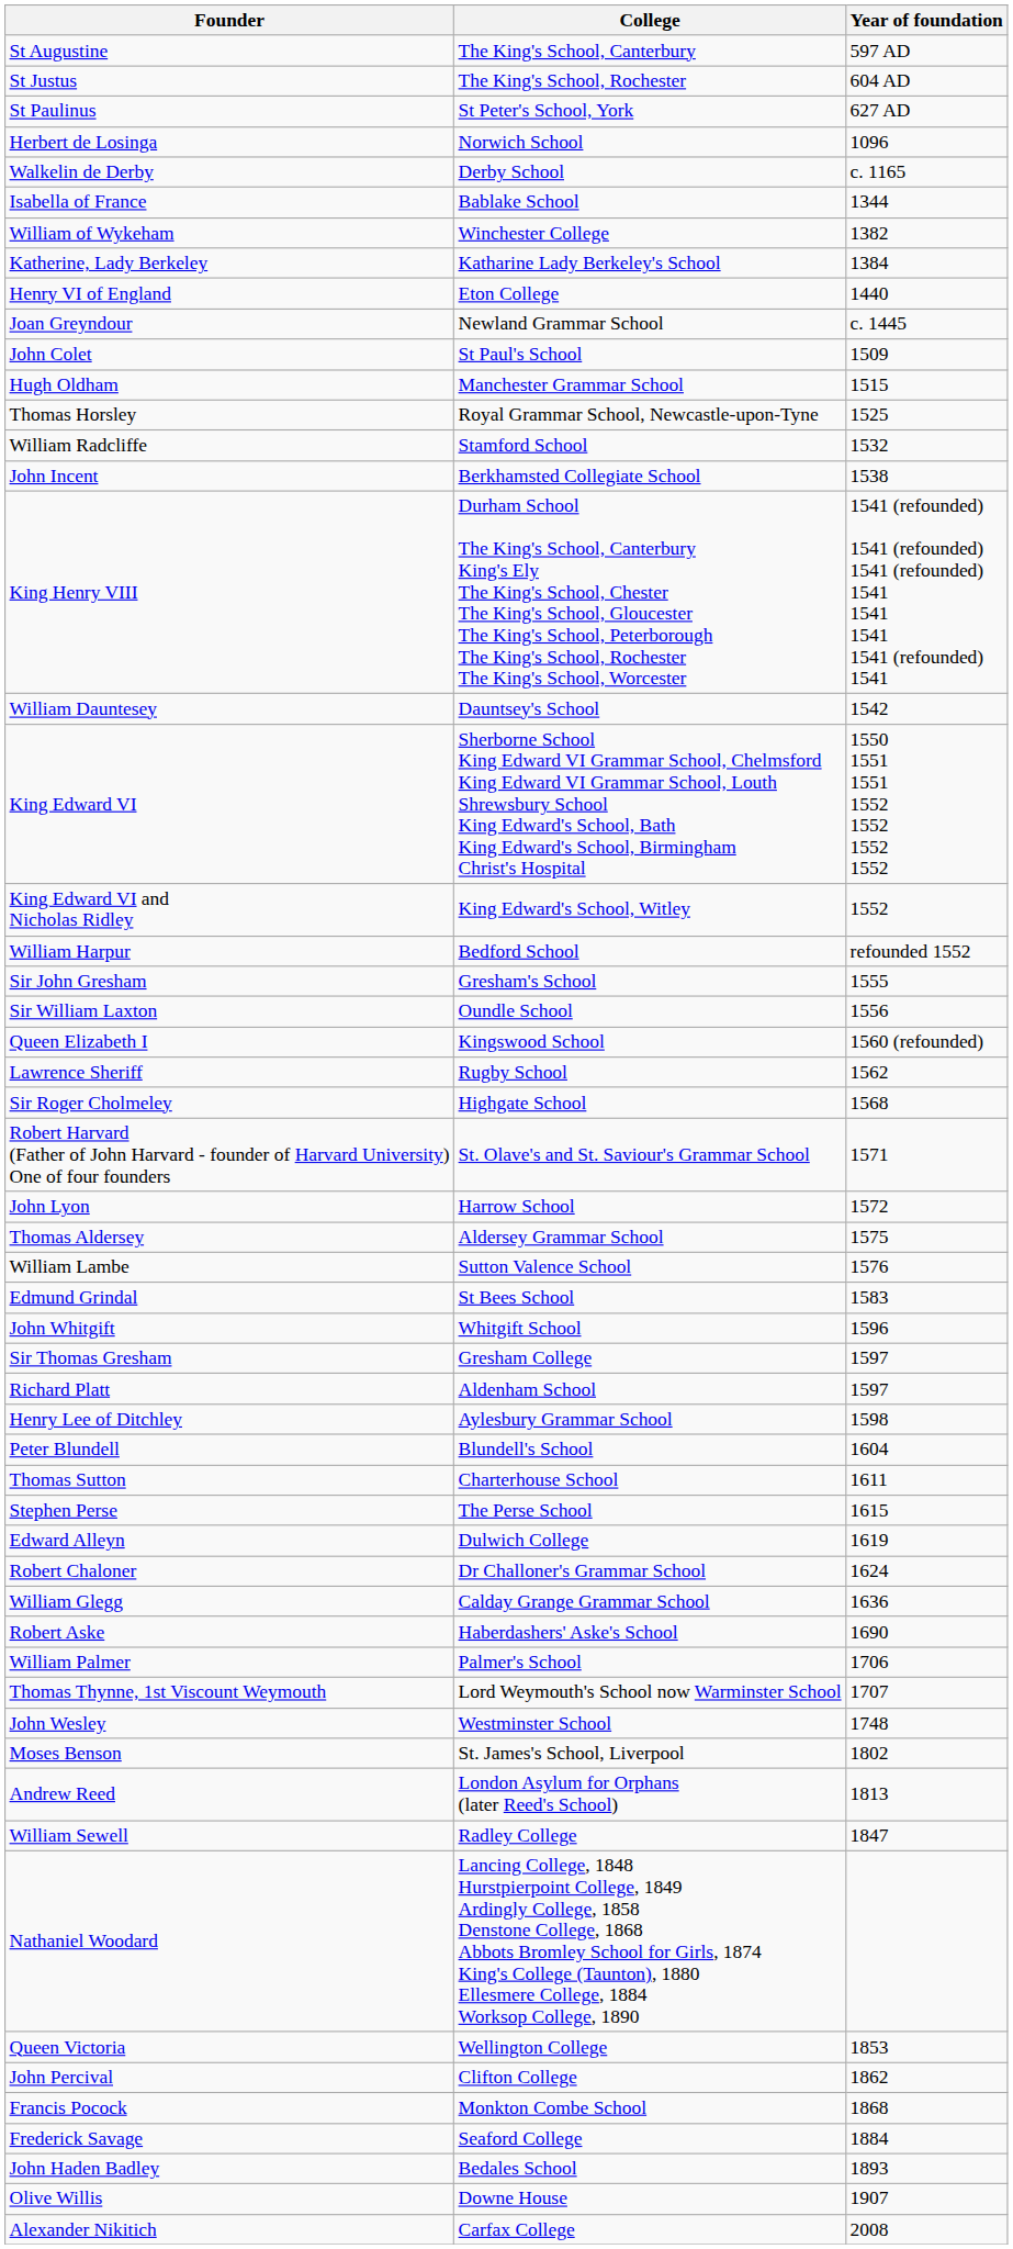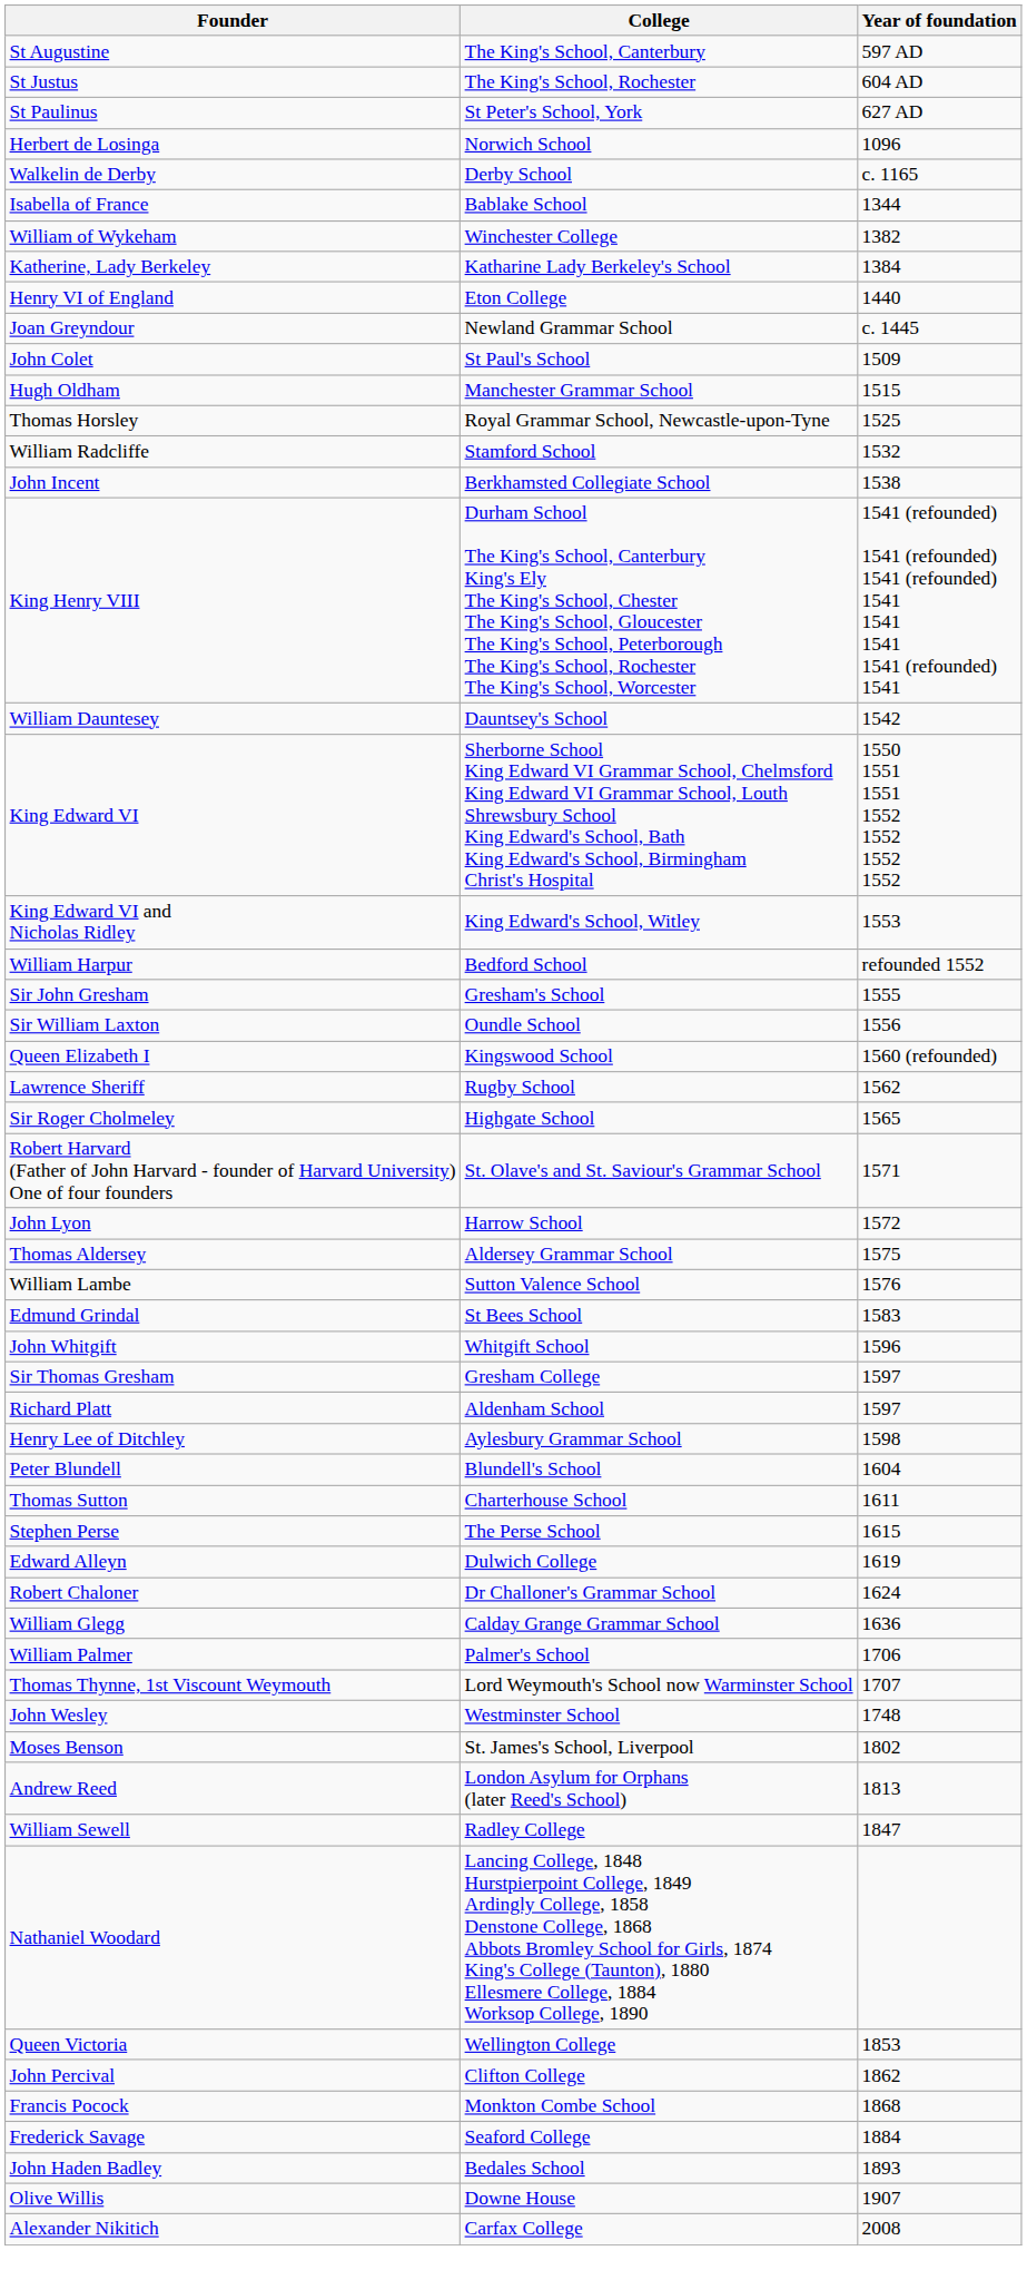 <table class="wikitable">
 <tr>
 <th>Founder</th>
 <th>College</th>
 <th>Year of foundation</th>
 </tr>
 <tr>
 <td><a href='#'>St Augustine</a></td>
 <td><a href='#'>The King's School, Canterbury</a></td>
 <td>597 AD</td>
 </tr>
 <tr>
 <td><a href='#'>St Justus</a></td>
 <td><a href='#'>The King's School, Rochester</a></td>
 <td>604 AD</td>
 </tr>
 <tr>
 <td><a href='#'>St Paulinus</a></td>
 <td><a href='#'>St Peter's School, York</a></td>
 <td>627 AD</td>
 </tr>
 <tr>
 <td><a href='#'>Herbert de Losinga</a></td>
 <td><a href='#'>Norwich School</a></td>
 <td>1096</td>
 </tr>
 <tr>
 <td><a href='#'>Walkelin de Derby</a></td>
 <td><a href='#'>Derby School</a></td>
 <td>c. 1165</td>
 </tr>
 <tr>
 <td><a href='#'>Isabella of France</a></td>
 <td><a href='#'>Bablake School</a></td>
 <td>1344</td>
 </tr>
 <tr>
 <td><a href='#'>William of Wykeham</a></td>
 <td><a href='#'>Winchester College</a></td>
 <td>1382</td>
 </tr>
 <tr>
 <td><a href='#'>Katherine, Lady Berkeley</a></td>
 <td><a href='#'>Katharine Lady Berkeley's School</a></td>
 <td>1384</td>
 </tr>
 <tr>
 <td><a href='#'>Henry VI of England</a></td>
 <td><a href='#'>Eton College</a></td>
 <td>1440</td>
 </tr>
 <tr>
 <td><a href='#'>Joan Greyndour</a></td>
 <td>Newland Grammar School</td>
 <td>c. 1445</td>
 </tr>
 <tr>
 <td><a href='#'>John Colet</a></td>
 <td><a href='#'>St Paul's School</a></td>
 <td>1509</td>
 </tr>
 <tr>
 <td><a href='#'>Hugh Oldham</a></td>
 <td><a href='#'>Manchester Grammar School</a></td>
 <td>1515</td>
 </tr>
 <tr>
 <td>Thomas Horsley</td>
 <td>Royal Grammar School, Newcastle-upon-Tyne</td>
 <td>1525</td>
 </tr>
 <tr>
 <td>William Radcliffe</td>
 <td><a href='#'>Stamford School</a></td>
 <td>1532</td>
 </tr>
 <tr>
 <td><a href='#'>John Incent</a></td>
 <td><a href='#'>Berkhamsted Collegiate School</a></td>
 <td>1538</td>
 </tr>
 <tr>
 <td><a href='#'>King Henry VIII</a></td>
 <td><a href='#'>Durham School</a><br><br><a href='#'>The King's School, Canterbury</a><br> <a href='#'>King's Ely</a><br> <a href='#'>The King's School, Chester</a><br> <a href='#'>The King's School, Gloucester</a><br> <a href='#'>The King's School, Peterborough</a><br> <a href='#'>The King's School, Rochester</a><br> <a href='#'>The King's School, Worcester</a></td>
 <td>1541 (refounded)<br><br>1541 (refounded)<br> 1541 (refounded)<br> 1541<br> 1541<br> 1541<br> 1541 (refounded)<br> 1541</td>
 </tr>
 <tr>
 <td><a href='#'>William Dauntesey</a></td>
 <td><a href='#'>Dauntsey's School</a></td>
 <td>1542</td>
 </tr>
 <tr>
 <td><a href='#'>King Edward VI</a></td>
 <td><a href='#'>Sherborne School</a><br><a href='#'>King Edward VI Grammar School, Chelmsford</a><br><a href='#'>King Edward VI Grammar School, Louth</a><br> <a href='#'>Shrewsbury School</a><br><a href='#'>King Edward's School, Bath</a><br><a href='#'>King Edward's School, Birmingham</a><br><a href='#'>Christ's Hospital</a><br></td>
 <td>1550<br>1551<br>1551<br>1552<br>1552<br>1552<br>1552<br></td>
 </tr>
 <tr>
 <td><a href='#'>King Edward VI</a> and<br><a href='#'>Nicholas Ridley</a></td>
 <td><a href='#'>King Edward's School, Witley</a></td>
-<td>1552</td>
+<td>1553</td>
 </tr>
 <tr>
 <td><a href='#'>William Harpur</a></td>
 <td><a href='#'>Bedford School</a></td>
 <td>refounded 1552</td>
 </tr>
 <tr>
 <td><a href='#'>Sir John Gresham</a></td>
 <td><a href='#'>Gresham's School</a></td>
 <td>1555</td>
 </tr>
 <tr>
 <td><a href='#'>Sir William Laxton</a></td>
 <td><a href='#'>Oundle School</a></td>
 <td>1556</td>
 </tr>
 <tr>
 <td><a href='#'>Queen Elizabeth I</a></td>
 <td><a href='#'>Kingswood School</a></td>
 <td>1560 (refounded)</td>
 </tr>
 <tr>
 <td><a href='#'>Lawrence Sheriff</a></td>
 <td><a href='#'>Rugby School</a></td>
 <td>1562</td>
 </tr>
 <tr>
 <td><a href='#'>Sir Roger Cholmeley</a></td>
 <td><a href='#'>Highgate School</a></td>
-<td>1568</td>
+<td>1565</td>
 </tr>
 <tr>
 <td><a href='#'>Robert Harvard</a><br>(Father of John Harvard - founder of <a href='#'>Harvard University</a>)<br>One of four founders</td>
 <td><a href='#'>St. Olave's and St. Saviour's Grammar School</a></td>
 <td>1571</td>
 </tr>
 <tr>
 <td><a href='#'>John Lyon</a></td>
 <td><a href='#'>Harrow School</a></td>
 <td>1572</td>
 </tr>
 <tr>
 <td><a href='#'>Thomas Aldersey</a></td>
 <td><a href='#'>Aldersey Grammar School</a></td>
 <td>1575</td>
 </tr>
 <tr>
 <td>William Lambe</td>
 <td><a href='#'>Sutton Valence School</a></td>
 <td>1576</td>
 </tr>
 <tr>
 <td><a href='#'>Edmund Grindal</a></td>
 <td><a href='#'>St Bees School</a></td>
 <td>1583</td>
 </tr>
 <tr>
 <td><a href='#'>John Whitgift</a></td>
 <td><a href='#'>Whitgift School</a></td>
 <td>1596</td>
 </tr>
 <tr>
 <td><a href='#'>Sir Thomas Gresham</a></td>
 <td><a href='#'>Gresham College</a></td>
 <td>1597</td>
 </tr>
 <tr>
 <td><a href='#'>Richard Platt</a></td>
 <td><a href='#'>Aldenham School</a></td>
 <td>1597</td>
 </tr>
 <tr>
 <td><a href='#'>Henry Lee of Ditchley</a></td>
 <td><a href='#'>Aylesbury Grammar School</a></td>
 <td>1598</td>
 </tr>
 <tr>
 <td><a href='#'>Peter Blundell</a></td>
 <td><a href='#'>Blundell's School</a></td>
 <td>1604</td>
 </tr>
 <tr>
 <td><a href='#'>Thomas Sutton</a></td>
 <td><a href='#'>Charterhouse School</a></td>
 <td>1611</td>
 </tr>
 <tr>
 <td><a href='#'>Stephen Perse</a></td>
 <td><a href='#'>The Perse School</a></td>
 <td>1615</td>
 </tr>
 <tr>
 <td><a href='#'>Edward Alleyn</a></td>
 <td><a href='#'>Dulwich College</a></td>
 <td>1619</td>
 </tr>
 <tr>
 <td><a href='#'>Robert Chaloner</a></td>
 <td><a href='#'>Dr Challoner's Grammar School</a></td>
 <td>1624</td>
 </tr>
 <tr>
 <td><a href='#'>William Glegg</a></td>
 <td><a href='#'>Calday Grange Grammar School</a></td>
 <td>1636</td>
 </tr>
 <tr>
-<td><a href='#'>Robert Aske</a></td>
-<td><a href='#'>Haberdashers' Aske's School</a></td>
-<td>1690</td>
-</tr>
-<tr>
 <td><a href='#'>William Palmer</a></td>
 <td><a href='#'>Palmer's School</a></td>
 <td>1706</td>
 </tr>
 <tr>
 <td><a href='#'>Thomas Thynne, 1st Viscount Weymouth</a></td>
 <td>Lord Weymouth's School now <a href='#'>Warminster School</a></td>
 <td>1707</td>
 </tr>
 <tr>
 <td><a href='#'>John Wesley</a></td>
 <td><a href='#'>Westminster School</a></td>
 <td>1748</td>
 </tr>
 <tr>
 <td><a href='#'>Moses Benson</a></td>
 <td>St. James's School, Liverpool</td>
 <td>1802</td>
 </tr>
 <tr>
 <td><a href='#'>Andrew Reed</a></td>
 <td><a href='#'>London Asylum for Orphans</a><br>(later <a href='#'>Reed's School</a>)</td>
 <td>1813</td>
 </tr>
 <tr>
 <td><a href='#'>William Sewell</a></td>
 <td><a href='#'>Radley College</a></td>
 <td>1847</td>
 </tr>
 <tr>
 <td><a href='#'>Nathaniel Woodard</a></td>
 <td><a href='#'>Lancing College</a>, 1848<br><a href='#'>Hurstpierpoint College</a>, 1849<br><a href='#'>Ardingly College</a>, 1858<br><a href='#'>Denstone College</a>, 1868<br><a href='#'>Abbots Bromley School for Girls</a>, 1874<br><a href='#'>King's College (Taunton)</a>, 1880<br><a href='#'>Ellesmere College</a>, 1884<br><a href='#'>Worksop College</a>, 1890</td>
 <td></td>
 </tr>
 <tr>
 <td><a href='#'>Queen Victoria</a></td>
 <td><a href='#'>Wellington College</a></td>
 <td>1853</td>
 </tr>
 <tr>
 <td><a href='#'>John Percival</a></td>
 <td><a href='#'>Clifton College</a></td>
 <td>1862</td>
 </tr>
 <tr>
 <td><a href='#'>Francis Pocock</a></td>
 <td><a href='#'>Monkton Combe School</a></td>
 <td>1868</td>
 </tr>
 <tr>
 <td><a href='#'>Frederick Savage</a></td>
 <td><a href='#'>Seaford College</a></td>
 <td>1884</td>
 </tr>
 <tr>
 <td><a href='#'>John Haden Badley</a></td>
 <td><a href='#'>Bedales School</a></td>
 <td>1893</td>
 </tr>
 <tr>
 <td><a href='#'>Olive Willis</a></td>
 <td><a href='#'>Downe House</a></td>
 <td>1907</td>
 </tr>
 <tr>
 <td><a href='#'>Alexander Nikitich</a></td>
 <td><a href='#'>Carfax College</a></td>
 <td>2008</td>
 </tr>
 </table>
